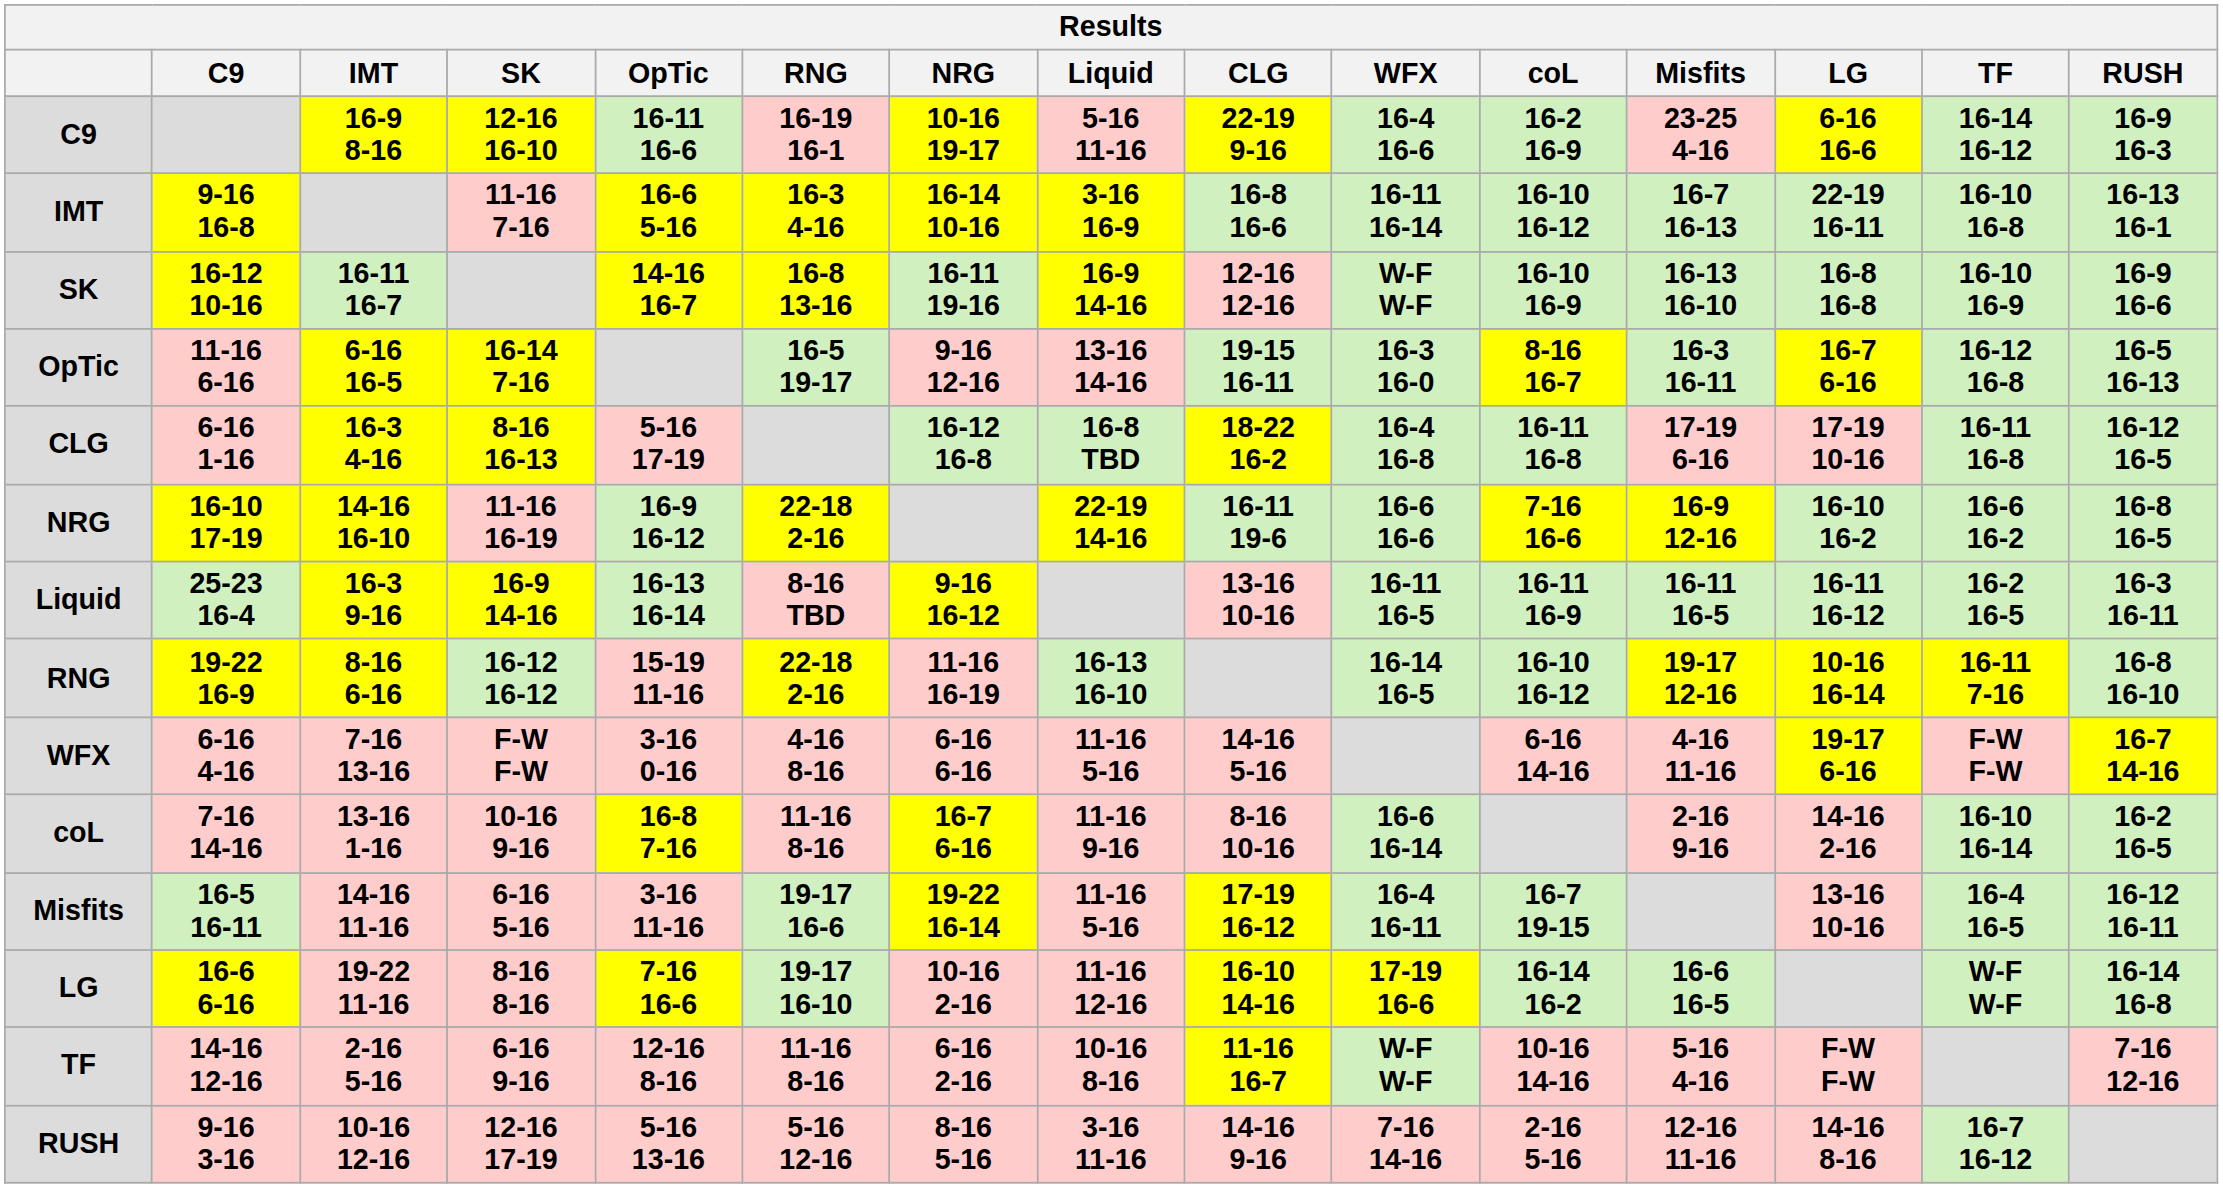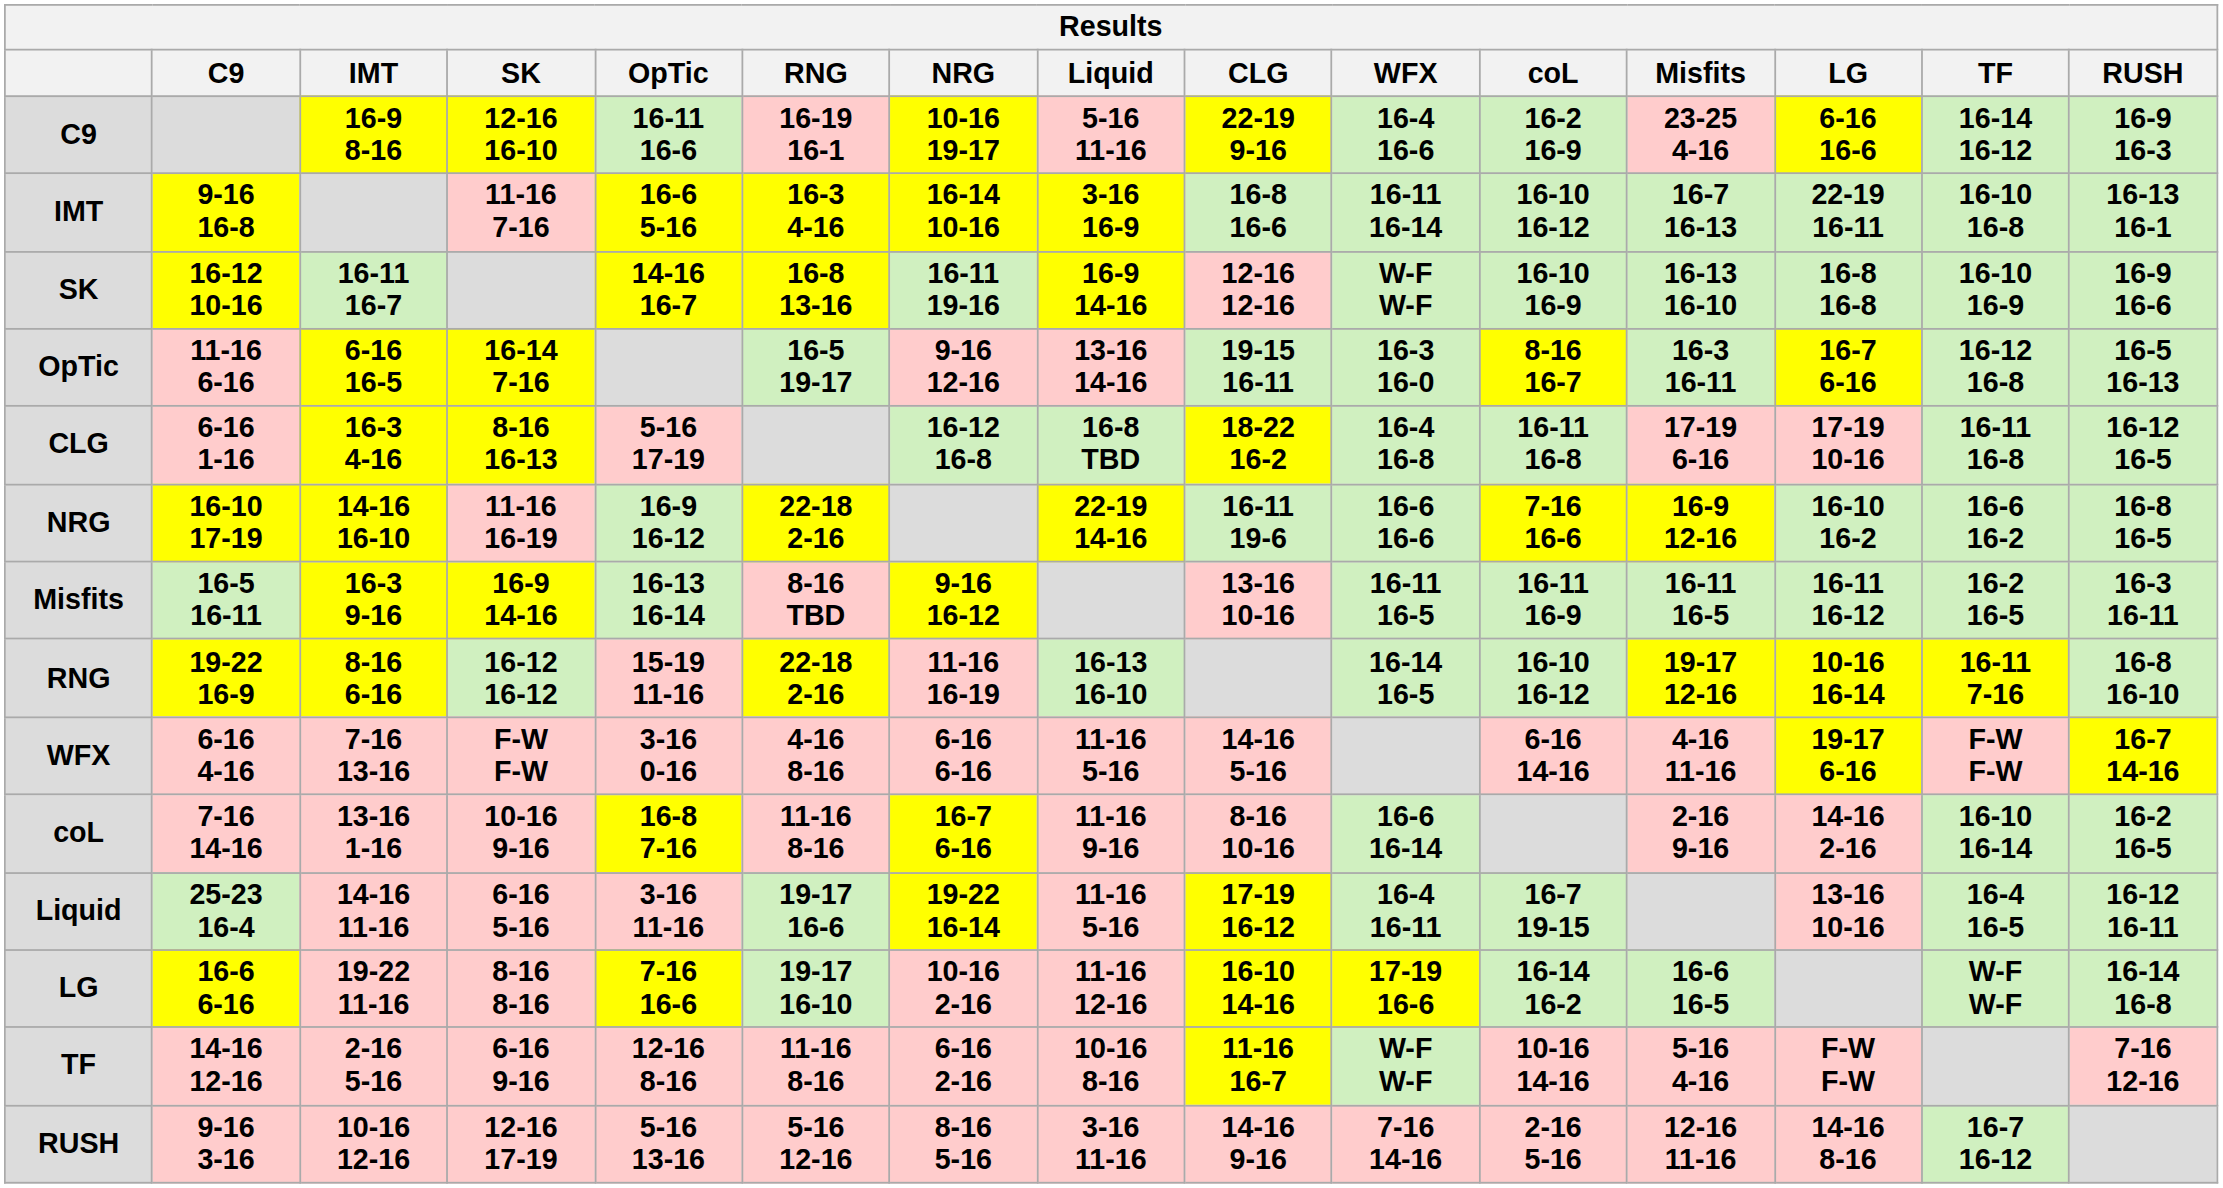 <table class="wikitable" style="text-align: center;">
 <tr>
 <th colspan=15>Results</th>
 </tr>
 <tr>
 <th width="75px"></th>
 <th width="75px">C9</th>
 <th width="75px">IMT</th>
 <th width="75px">SK</th>
 <th width="75px">OpTic</th>
 <th width="75px">RNG</th>
 <th width="75px">NRG</th>
 <th width="75px">Liquid</th>
 <th width="75px">CLG</th>
 <th width="75px">WFX</th>
 <th width="75px">coL</th>
 <th width="75px">Misfits</th>
 <th width="75px">LG</th>
 <th width="75px">TF</th>
 <th width="75px">RUSH</th>
 </tr>
 <tr>
 <td style="background: #DCDCDC;"><strong>C9</strong></td>
 <td style="background: #DCDCDC;"></td>
 <td style="background: #FFFF00;"><strong>16-9<br>8-16</strong></td>
 <td style="background: #FFFF00;"><strong>12-16<br>16-10</strong></td>
 <td style="background: #D0F0C0;"><strong>16-11<br>16-6</strong></td>
 <td style="background: #FFCCCC;"><strong>16-19<br>16-1</strong></td>
 <td style="background: #FFFF00;"><strong>10-16<br>19-17</strong></td>
 <td style="background: #FFCCCC;"><strong>5-16<br>11-16</strong></td>
 <td style="background: #FFFF00;"><strong>22-19<br>9-16</strong></td>
 <td style="background: #D0F0C0;"><strong>16-4<br>16-6</strong></td>
 <td style="background: #D0F0C0;"><strong>16-2<br>16-9</strong></td>
 <td style="background: #FFCCCC;"><strong>23-25<br>4-16</strong></td>
 <td style="background: #FFFF00;"><strong>6-16<br>16-6</strong></td>
 <td style="background: #D0F0C0;"><strong>16-14<br>16-12</strong></td>
 <td style="background: #D0F0C0;"><strong>16-9<br>16-3</strong></td>
 </tr>
 <tr>
 <td style="background: #DCDCDC;"><strong>IMT</strong></td>
 <td style="background: #FFFF00;"><strong>9-16<br>16-8</strong></td>
 <td style="background: #DCDCDC;"></td>
 <td style="background: #FFCCCC;"><strong>11-16<br>7-16</strong></td>
 <td style="background: #FFFF00;"><strong>16-6<br>5-16</strong></td>
 <td style="background: #FFFF00;"><strong>16-3<br>4-16</strong></td>
 <td style="background: #FFFF00;"><strong>16-14<br>10-16</strong></td>
 <td style="background: #FFFF00;"><strong>3-16<br>16-9</strong></td>
 <td style="background: #D0F0C0;"><strong>16-8<br>16-6</strong></td>
 <td style="background: #D0F0C0;"><strong>16-11<br>16-14</strong></td>
 <td style="background: #D0F0C0;"><strong>16-10<br>16-12</strong></td>
 <td style="background: #D0F0C0;"><strong>16-7<br>16-13</strong></td>
 <td style="background: #D0F0C0;"><strong>22-19<br>16-11</strong></td>
 <td style="background: #D0F0C0;"><strong>16-10<br>16-8</strong></td>
 <td style="background: #D0F0C0;"><strong>16-13<br>16-1</strong></td>
 </tr>
 <tr>
 <td style="background: #DCDCDC;"><strong>SK</strong></td>
 <td style="background: #FFFF00;"><strong>16-12<br>10-16</strong></td>
 <td style="background: #D0F0C0;"><strong>16-11<br>16-7</strong></td>
 <td style="background: #DCDCDC;"></td>
 <td style="background: #FFFF00;"><strong>14-16<br>16-7</strong></td>
 <td style="background: #FFFF00;"><strong>16-8<br>13-16</strong></td>
 <td style="background: #D0F0C0;"><strong>16-11<br>19-16</strong></td>
 <td style="background: #FFFF00;"><strong>16-9<br>14-16</strong></td>
 <td style="background: #FFCCCC;"><strong>12-16<br>12-16</strong></td>
 <td style="background: #D0F0C0;"><strong>W-F<br>W-F</strong></td>
 <td style="background: #D0F0C0;"><strong>16-10<br>16-9</strong></td>
 <td style="background: #D0F0C0;"><strong>16-13<br>16-10</strong></td>
 <td style="background: #D0F0C0;"><strong>16-8<br>16-8</strong></td>
 <td style="background: #D0F0C0;"><strong>16-10<br>16-9</strong></td>
 <td style="background: #D0F0C0;"><strong>16-9<br>16-6</strong></td>
 </tr>
 <tr>
 <td style="background: #DCDCDC;"><strong>OpTic</strong></td>
 <td style="background: #FFCCCC;"><strong>11-16<br>6-16</strong></td>
 <td style="background: #FFFF00;"><strong>6-16<br>16-5</strong></td>
 <td style="background: #FFFF00;"><strong>16-14<br>7-16</strong></td>
 <td style="background: #DCDCDC;"></td>
 <td style="background: #D0F0C0;"><strong>16-5<br>19-17</strong></td>
 <td style="background: #FFCCCC;"><strong>9-16<br>12-16</strong></td>
 <td style="background: #FFCCCC;"><strong>13-16<br>14-16</strong></td>
 <td style="background: #D0F0C0;"><strong>19-15<br>16-11</strong></td>
 <td style="background: #D0F0C0;"><strong>16-3<br>16-0</strong></td>
 <td style="background: #FFFF00;"><strong>8-16<br>16-7</strong></td>
 <td style="background: #D0F0C0;"><strong>16-3<br>16-11</strong></td>
 <td style="background: #FFFF00;"><strong>16-7<br>6-16</strong></td>
 <td style="background: #D0F0C0;"><strong>16-12<br>16-8</strong></td>
 <td style="background: #D0F0C0;"><strong>16-5<br>16-13</strong></td>
 </tr>
 <tr>
 <td style="background: #DCDCDC;"><strong>CLG</strong></td>
 <td style="background: #FFCCCC;"><strong>6-16<br>1-16</strong></td>
 <td style="background: #FFFF00;"><strong>16-3<br>4-16</strong></td>
 <td style="background: #FFFF00;"><strong>8-16<br>16-13</strong></td>
 <td style="background: #FFCCCC;"><strong>5-16<br>17-19</strong></td>
 <td style="background: #DCDCDC;"></td>
 <td style="background: #D0F0C0;"><strong>16-12<br>16-8</strong></td>
 <td style="background: #D0F0C0;"><strong>16-8<br>TBD</strong></td>
 <td style="background: #FFFF00;"><strong>18-22<br>16-2</strong></td>
 <td style="background: #D0F0C0;"><strong>16-4<br>16-8</strong></td>
 <td style="background: #D0F0C0;"><strong>16-11<br>16-8</strong></td>
 <td style="background: #FFCCCC;"><strong>17-19<br>6-16</strong></td>
 <td style="background: #FFCCCC;"><strong>17-19<br>10-16</strong></td>
 <td style="background: #D0F0C0;"><strong>16-11<br>16-8</strong></td>
 <td style="background: #D0F0C0;"><strong>16-12<br>16-5</strong></td>
 </tr>
 <tr>
 <td style="background: #DCDCDC;"><strong>NRG</strong></td>
 <td style="background: #FFFF00;"><strong>16-10<br>17-19</strong></td>
 <td style="background: #FFFF00;"><strong>14-16<br>16-10</strong></td>
 <td style="background: #FFCCCC;"><strong>11-16<br>16-19</strong></td>
 <td style="background: #D0F0C0;"><strong>16-9<br>16-12</strong></td>
 <td style="background: #FFFF00;"><strong>22-18<br>2-16</strong></td>
 <td style="background: #DCDCDC;"></td>
 <td style="background: #FFFF00;"><strong>22-19<br>14-16</strong></td>
 <td style="background: #D0F0C0;"><strong>16-11<br>19-6</strong></td>
 <td style="background: #D0F0C0;"><strong>16-6<br>16-6</strong></td>
 <td style="background: #FFFF00;"><strong>7-16<br>16-6</strong></td>
 <td style="background: #FFFF00;"><strong>16-9<br>12-16</strong></td>
 <td style="background: #D0F0C0;"><strong>16-10<br>16-2</strong></td>
 <td style="background: #D0F0C0;"><strong>16-6<br>16-2</strong></td>
 <td style="background: #D0F0C0;"><strong>16-8<br>16-5</strong></td>
 </tr>
 <tr>
-<td style="background: #DCDCDC;"><strong>Liquid</strong></td>
-<td style="background: #D0F0C0;"><strong>25-23<br>16-4</strong></td>
+<td style="background: #DCDCDC;"><strong>Misfits</strong></td>
+<td style="background: #D0F0C0;"><strong>16-5<br>16-11</strong></td>
 <td style="background: #FFFF00;"><strong>16-3<br>9-16</strong></td>
 <td style="background: #FFFF00;"><strong>16-9<br>14-16</strong></td>
 <td style="background: #D0F0C0;"><strong>16-13<br>16-14</strong></td>
 <td style="background: #FFCCCC;"><strong>8-16<br>TBD</strong></td>
 <td style="background: #FFFF00;"><strong>9-16<br>16-12</strong></td>
 <td style="background: #DCDCDC;"></td>
 <td style="background: #FFCCCC;"><strong>13-16<br>10-16</strong></td>
 <td style="background: #D0F0C0;"><strong>16-11<br>16-5</strong></td>
 <td style="background: #D0F0C0;"><strong>16-11<br>16-9</strong></td>
 <td style="background: #D0F0C0;"><strong>16-11<br>16-5</strong></td>
 <td style="background: #D0F0C0;"><strong>16-11<br>16-12</strong></td>
 <td style="background: #D0F0C0;"><strong>16-2<br>16-5</strong></td>
 <td style="background: #D0F0C0;"><strong>16-3<br>16-11</strong></td>
 </tr>
 <tr>
 <td style="background: #DCDCDC;"><strong>RNG</strong></td>
 <td style="background: #FFFF00;"><strong>19-22<br>16-9</strong></td>
 <td style="background: #FFFF00;"><strong>8-16<br>6-16</strong></td>
 <td style="background: #D0F0C0;"><strong>16-12<br>16-12</strong></td>
 <td style="background: #FFCCCC;"><strong>15-19<br>11-16</strong></td>
 <td style="background: #FFFF00;"><strong>22-18<br>2-16</strong></td>
 <td style="background: #FFCCCC;"><strong>11-16<br>16-19</strong></td>
 <td style="background: #D0F0C0;"><strong>16-13<br>16-10</strong></td>
 <td style="background: #DCDCDC;"></td>
 <td style="background: #D0F0C0;"><strong>16-14<br>16-5</strong></td>
 <td style="background: #D0F0C0;"><strong>16-10<br>16-12</strong></td>
 <td style="background: #FFFF00;"><strong>19-17<br>12-16</strong></td>
 <td style="background: #FFFF00;"><strong>10-16<br>16-14</strong></td>
 <td style="background: #FFFF00;"><strong>16-11<br>7-16</strong></td>
 <td style="background: #D0F0C0;"><strong>16-8<br>16-10</strong></td>
 </tr>
 <tr>
 <td style="background: #DCDCDC;"><strong>WFX</strong></td>
 <td style="background: #FFCCCC;"><strong>6-16<br>4-16</strong></td>
 <td style="background: #FFCCCC;"><strong>7-16<br>13-16</strong></td>
 <td style="background: #FFCCCC;"><strong>F-W<br>F-W</strong></td>
 <td style="background: #FFCCCC;"><strong>3-16<br>0-16</strong></td>
 <td style="background: #FFCCCC;"><strong>4-16<br>8-16</strong></td>
 <td style="background: #FFCCCC;"><strong>6-16<br>6-16</strong></td>
 <td style="background: #FFCCCC;"><strong>11-16<br>5-16</strong></td>
 <td style="background: #FFCCCC;"><strong>14-16<br>5-16</strong></td>
 <td style="background: #DCDCDC;"></td>
 <td style="background: #FFCCCC;"><strong>6-16<br>14-16</strong></td>
 <td style="background: #FFCCCC;"><strong>4-16<br>11-16</strong></td>
 <td style="background: #FFFF00;"><strong>19-17<br>6-16</strong></td>
 <td style="background: #FFCCCC;"><strong>F-W<br>F-W</strong></td>
 <td style="background: #FFFF00;"><strong>16-7<br>14-16</strong></td>
 </tr>
 <tr>
 <td style="background: #DCDCDC;"><strong>coL</strong></td>
 <td style="background: #FFCCCC;"><strong>7-16<br>14-16</strong></td>
 <td style="background: #FFCCCC;"><strong>13-16<br>1-16</strong></td>
 <td style="background: #FFCCCC;"><strong>10-16<br>9-16</strong></td>
 <td style="background: #FFFF00;"><strong>16-8<br>7-16</strong></td>
 <td style="background: #FFCCCC;"><strong>11-16<br>8-16</strong></td>
 <td style="background: #FFFF00;"><strong>16-7<br>6-16</strong></td>
 <td style="background: #FFCCCC;"><strong>11-16<br>9-16</strong></td>
 <td style="background: #FFCCCC;"><strong>8-16<br>10-16</strong></td>
 <td style="background: #D0F0C0;"><strong>16-6<br>16-14</strong></td>
 <td style="background: #DCDCDC;"></td>
 <td style="background: #FFCCCC;"><strong>2-16<br>9-16</strong></td>
 <td style="background: #FFCCCC;"><strong>14-16<br>2-16</strong></td>
 <td style="background: #D0F0C0;"><strong>16-10<br>16-14</strong></td>
 <td style="background: #D0F0C0;"><strong>16-2<br>16-5</strong></td>
 </tr>
 <tr>
-<td style="background: #DCDCDC;"><strong>Misfits</strong></td>
-<td style="background: #D0F0C0;"><strong>16-5<br>16-11</strong></td>
+<td style="background: #DCDCDC;"><strong>Liquid</strong></td>
+<td style="background: #D0F0C0;"><strong>25-23<br>16-4</strong></td>
 <td style="background: #FFCCCC;"><strong>14-16<br>11-16</strong></td>
 <td style="background: #FFCCCC;"><strong>6-16<br>5-16</strong></td>
 <td style="background: #FFCCCC;"><strong>3-16<br>11-16</strong></td>
 <td style="background: #D0F0C0;"><strong>19-17<br>16-6</strong></td>
 <td style="background: #FFFF00;"><strong>19-22<br>16-14</strong></td>
 <td style="background: #FFCCCC;"><strong>11-16<br>5-16</strong></td>
 <td style="background: #FFFF00;"><strong>17-19<br>16-12</strong></td>
 <td style="background: #D0F0C0;"><strong>16-4<br>16-11</strong></td>
 <td style="background: #D0F0C0;"><strong>16-7<br>19-15</strong></td>
 <td style="background: #DCDCDC;"></td>
 <td style="background: #FFCCCC;"><strong>13-16<br>10-16</strong></td>
 <td style="background: #D0F0C0;"><strong>16-4<br>16-5</strong></td>
 <td style="background: #D0F0C0;"><strong>16-12<br>16-11</strong></td>
 </tr>
 <tr>
 <td style="background: #DCDCDC;"><strong>LG</strong></td>
 <td style="background: #FFFF00;"><strong>16-6<br>6-16</strong></td>
 <td style="background: #FFCCCC;"><strong>19-22<br>11-16</strong></td>
 <td style="background: #FFCCCC;"><strong>8-16<br>8-16</strong></td>
 <td style="background: #FFFF00;"><strong>7-16<br>16-6</strong></td>
 <td style="background: #D0F0C0;"><strong>19-17<br>16-10</strong></td>
 <td style="background: #FFCCCC;"><strong>10-16<br>2-16</strong></td>
 <td style="background: #FFCCCC;"><strong>11-16<br>12-16</strong></td>
 <td style="background: #FFFF00;"><strong>16-10<br>14-16</strong></td>
 <td style="background: #FFFF00;"><strong>17-19<br>16-6</strong></td>
 <td style="background: #D0F0C0;"><strong>16-14<br>16-2</strong></td>
 <td style="background: #D0F0C0;"><strong>16-6<br>16-5</strong></td>
 <td style="background: #DCDCDC;"></td>
 <td style="background: #D0F0C0;"><strong>W-F<br>W-F</strong></td>
 <td style="background: #D0F0C0;"><strong>16-14<br>16-8</strong></td>
 </tr>
 <tr>
 <td style="background: #DCDCDC;"><strong>TF</strong></td>
 <td style="background: #FFCCCC;"><strong>14-16<br>12-16</strong></td>
 <td style="background: #FFCCCC;"><strong>2-16<br>5-16</strong></td>
 <td style="background: #FFCCCC;"><strong>6-16<br>9-16</strong></td>
 <td style="background: #FFCCCC;"><strong>12-16<br>8-16</strong></td>
 <td style="background: #FFCCCC;"><strong>11-16<br>8-16</strong></td>
 <td style="background: #FFCCCC;"><strong>6-16<br>2-16</strong></td>
 <td style="background: #FFCCCC;"><strong>10-16<br>8-16</strong></td>
 <td style="background: #FFFF00;"><strong>11-16<br>16-7</strong></td>
 <td style="background: #D0F0C0;"><strong>W-F<br>W-F</strong></td>
 <td style="background: #FFCCCC;"><strong>10-16<br>14-16</strong></td>
 <td style="background: #FFCCCC;"><strong>5-16<br>4-16</strong></td>
 <td style="background: #FFCCCC;"><strong>F-W<br>F-W</strong></td>
 <td style="background: #DCDCDC;"></td>
 <td style="background: #FFCCCC;"><strong>7-16<br>12-16</strong></td>
 </tr>
 <tr>
 <td style="background: #DCDCDC;"><strong>RUSH</strong></td>
 <td style="background: #FFCCCC;"><strong>9-16<br>3-16</strong></td>
 <td style="background: #FFCCCC;"><strong>10-16<br>12-16</strong></td>
 <td style="background: #FFCCCC;"><strong>12-16<br>17-19</strong></td>
 <td style="background: #FFCCCC;"><strong>5-16<br>13-16</strong></td>
 <td style="background: #FFCCCC;"><strong>5-16<br>12-16</strong></td>
 <td style="background: #FFCCCC;"><strong>8-16<br>5-16</strong></td>
 <td style="background: #FFCCCC;"><strong>3-16<br>11-16</strong></td>
 <td style="background: #FFCCCC;"><strong>14-16<br>9-16</strong></td>
 <td style="background: #FFCCCC;"><strong>7-16<br>14-16</strong></td>
 <td style="background: #FFCCCC;"><strong>2-16<br>5-16</strong></td>
 <td style="background: #FFCCCC;"><strong>12-16<br>11-16</strong></td>
 <td style="background: #FFCCCC;"><strong>14-16<br>8-16</strong></td>
 <td style="background: #D0F0C0;"><strong>16-7<br>16-12</strong></td>
 <td style="background: #DCDCDC;"></td>
 </tr>
 </table>
